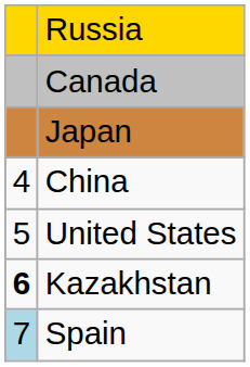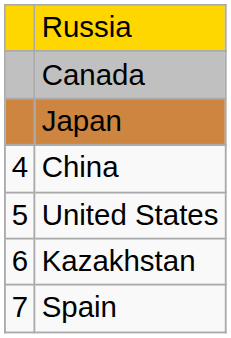 <table class="wikitable">
 <tr style="background:gold;">
 <td align=center></td>
 <td> Russia</td>
 </tr>
 <tr style="background:silver;">
 <td align=center></td>
 <td> Canada</td>
 </tr>
 <tr style="background:peru;">
 <td align=center></td>
 <td> Japan</td>
 </tr>
 <tr>
 <td align=center>4</td>
 <td> China</td>
 </tr>
 <tr>
 <td align=center>5</td>
 <td> United States</td>
 </tr>
 <tr>
-<td align=center><strong>6</strong></td>
+<td align=center>6</td>
 <td> Kazakhstan</td>
 </tr>
 <tr>
-<td align=center style="background: lightblue;">7</td>
+<td align=center>7</td>
 <td> Spain</td>
 </tr>
 </table>
